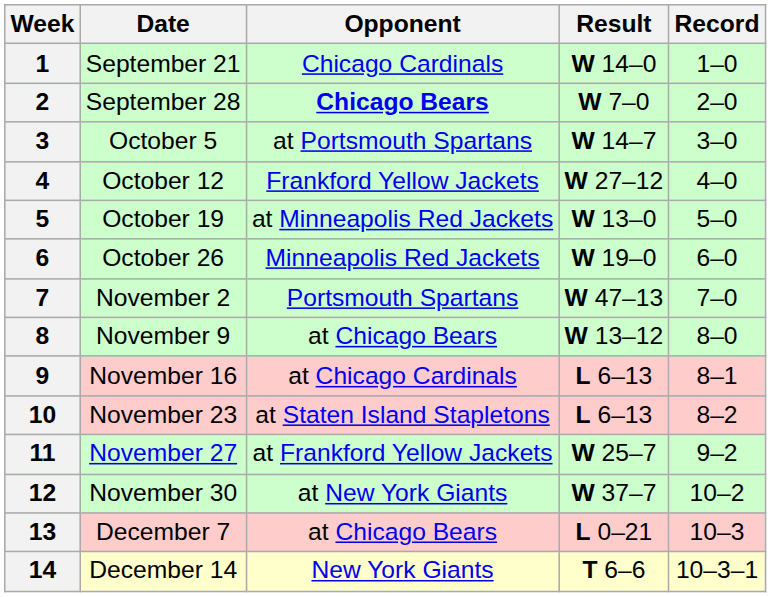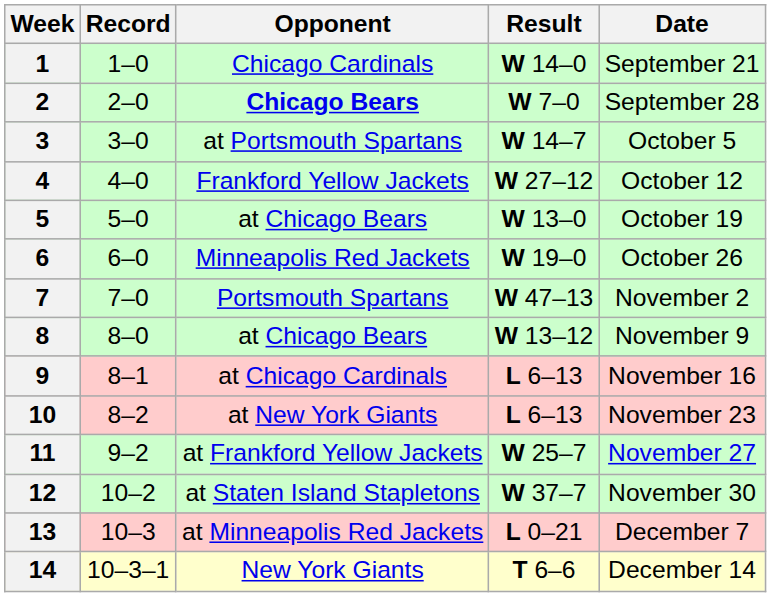 <table class="wikitable" style="text-align:center">
 <tr>
 <th>Week</th>
-<th>Date</th>
+<th>Record</th>
 <th>Opponent</th>
 <th>Result</th>
-<th>Record</th>
+<th>Date</th>
 </tr>
 <tr style="background:#cfc">
 <th>1</th>
-<td>September 21</td>
+<td>1–0</td>
 <td><a href='#'>Chicago Cardinals</a></td>
 <td><strong>W</strong> 14–0</td>
-<td>1–0</td>
+<td>September 21</td>
 </tr>
 <tr style="background:#cfc">
 <th>2</th>
-<td>September 28</td>
+<td>2–0</td>
 <td><strong><a href='#'>Chicago Bears</a></strong></td>
 <td><strong>W</strong> 7–0</td>
-<td>2–0</td>
+<td>September 28</td>
 </tr>
 <tr style="background:#cfc">
 <th>3</th>
-<td>October 5</td>
+<td>3–0</td>
 <td>at <a href='#'>Portsmouth Spartans</a></td>
 <td><strong>W</strong> 14–7</td>
-<td>3–0</td>
+<td>October 5</td>
 </tr>
 <tr style="background:#cfc">
 <th>4</th>
-<td>October 12</td>
+<td>4–0</td>
 <td><a href='#'>Frankford Yellow Jackets</a></td>
 <td><strong>W</strong> 27–12</td>
-<td>4–0</td>
+<td>October 12</td>
 </tr>
 <tr style="background:#cfc">
 <th>5</th>
+<td>5–0</td>
+<td>at <a href='#'>Chicago Bears</a></td>
+<td><strong>W</strong> 13–0</td>
 <td>October 19</td>
-<td>at <a href='#'>Minneapolis Red Jackets</a></td>
-<td><strong>W</strong> 13–0</td>
-<td>5–0</td>
 </tr>
 <tr style="background:#cfc">
 <th>6</th>
-<td>October 26</td>
+<td>6–0</td>
 <td><a href='#'>Minneapolis Red Jackets</a></td>
 <td><strong>W</strong> 19–0</td>
-<td>6–0</td>
+<td>October 26</td>
 </tr>
 <tr style="background:#cfc">
 <th>7</th>
-<td>November 2</td>
+<td>7–0</td>
 <td><a href='#'>Portsmouth Spartans</a></td>
 <td><strong>W</strong> 47–13</td>
-<td>7–0</td>
+<td>November 2</td>
 </tr>
 <tr style="background:#cfc">
 <th>8</th>
-<td>November 9</td>
+<td>8–0</td>
 <td>at <a href='#'>Chicago Bears</a></td>
 <td><strong>W</strong> 13–12</td>
-<td>8–0</td>
+<td>November 9</td>
 </tr>
 <tr style="background:#fcc">
 <th>9</th>
-<td>November 16</td>
+<td>8–1</td>
 <td>at <a href='#'>Chicago Cardinals</a></td>
 <td><strong>L</strong>  6–13</td>
-<td>8–1</td>
+<td>November 16</td>
 </tr>
 <tr style="background:#fcc">
 <th>10</th>
+<td>8–2</td>
+<td>at <a href='#'>New York Giants</a></td>
+<td><strong>L</strong>  6–13</td>
 <td>November 23</td>
-<td>at <a href='#'>Staten Island Stapletons</a></td>
-<td><strong>L</strong>  6–13</td>
-<td>8–2</td>
 </tr>
 <tr style="background:#cfc">
 <th>11</th>
-<td><a href='#'>November 27</a></td>
+<td>9–2</td>
 <td>at <a href='#'>Frankford Yellow Jackets</a></td>
 <td><strong>W</strong> 25–7</td>
-<td>9–2</td>
+<td><a href='#'>November 27</a></td>
 </tr>
 <tr style="background:#cfc">
 <th>12</th>
+<td>10–2</td>
+<td>at <a href='#'>Staten Island Stapletons</a></td>
+<td><strong>W</strong> 37–7</td>
 <td>November 30</td>
-<td>at <a href='#'>New York Giants</a></td>
-<td><strong>W</strong> 37–7</td>
-<td>10–2</td>
 </tr>
 <tr style="background:#fcc">
 <th>13</th>
+<td>10–3</td>
+<td>at <a href='#'>Minneapolis Red Jackets</a></td>
+<td><strong>L</strong>  0–21</td>
 <td>December 7</td>
-<td>at <a href='#'>Chicago Bears</a></td>
-<td><strong>L</strong>  0–21</td>
-<td>10–3</td>
 </tr>
 <tr style="background: #ffc">
 <th>14</th>
-<td>December 14</td>
+<td>10–3–1</td>
 <td><a href='#'>New York Giants</a></td>
 <td><strong>T</strong>  6–6</td>
-<td>10–3–1</td>
+<td>December 14</td>
 </tr>
 </table>
